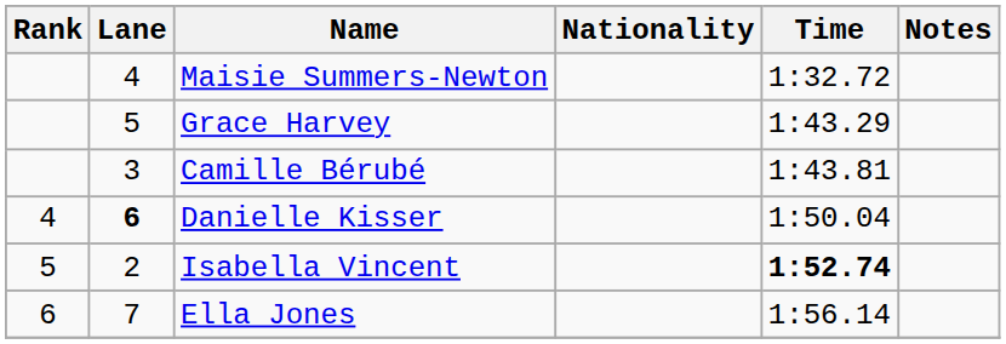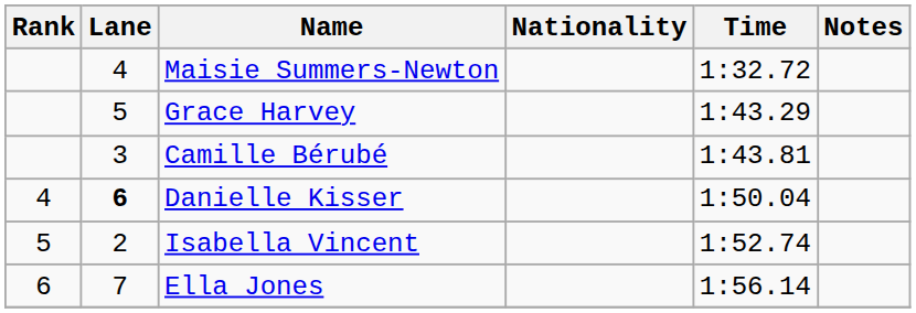 <table class="wikitable sortable" style="text-align:center">
 <tr>
 <th>Rank</th>
 <th>Lane</th>
 <th>Name</th>
 <th>Nationality</th>
 <th>Time</th>
 <th>Notes</th>
 </tr>
 <tr>
 <td></td>
 <td>4</td>
 <td align=left><a href='#'>Maisie Summers-Newton</a></td>
 <td align=left></td>
 <td>1:32.72</td>
 <td></td>
 </tr>
 <tr>
 <td></td>
 <td>5</td>
 <td align=left><a href='#'>Grace Harvey</a></td>
 <td align=left></td>
 <td>1:43.29</td>
 <td></td>
 </tr>
 <tr>
 <td></td>
 <td>3</td>
 <td align=left><a href='#'>Camille Bérubé</a></td>
 <td align=left></td>
 <td>1:43.81</td>
 <td></td>
 </tr>
 <tr>
 <td>4</td>
 <td><strong>6</strong></td>
 <td align=left><a href='#'>Danielle Kisser</a></td>
 <td align=left></td>
 <td>1:50.04</td>
 <td></td>
 </tr>
 <tr>
 <td>5</td>
 <td>2</td>
 <td align=left><a href='#'>Isabella Vincent</a></td>
 <td align=left></td>
-<td><strong>1:52.74</strong></td>
+<td>1:52.74</td>
 <td></td>
 </tr>
 <tr>
 <td>6</td>
 <td>7</td>
 <td align=left><a href='#'>Ella Jones</a></td>
 <td align=left></td>
 <td>1:56.14</td>
 <td></td>
 </tr>
 <tr>
 </tr>
 </table>
